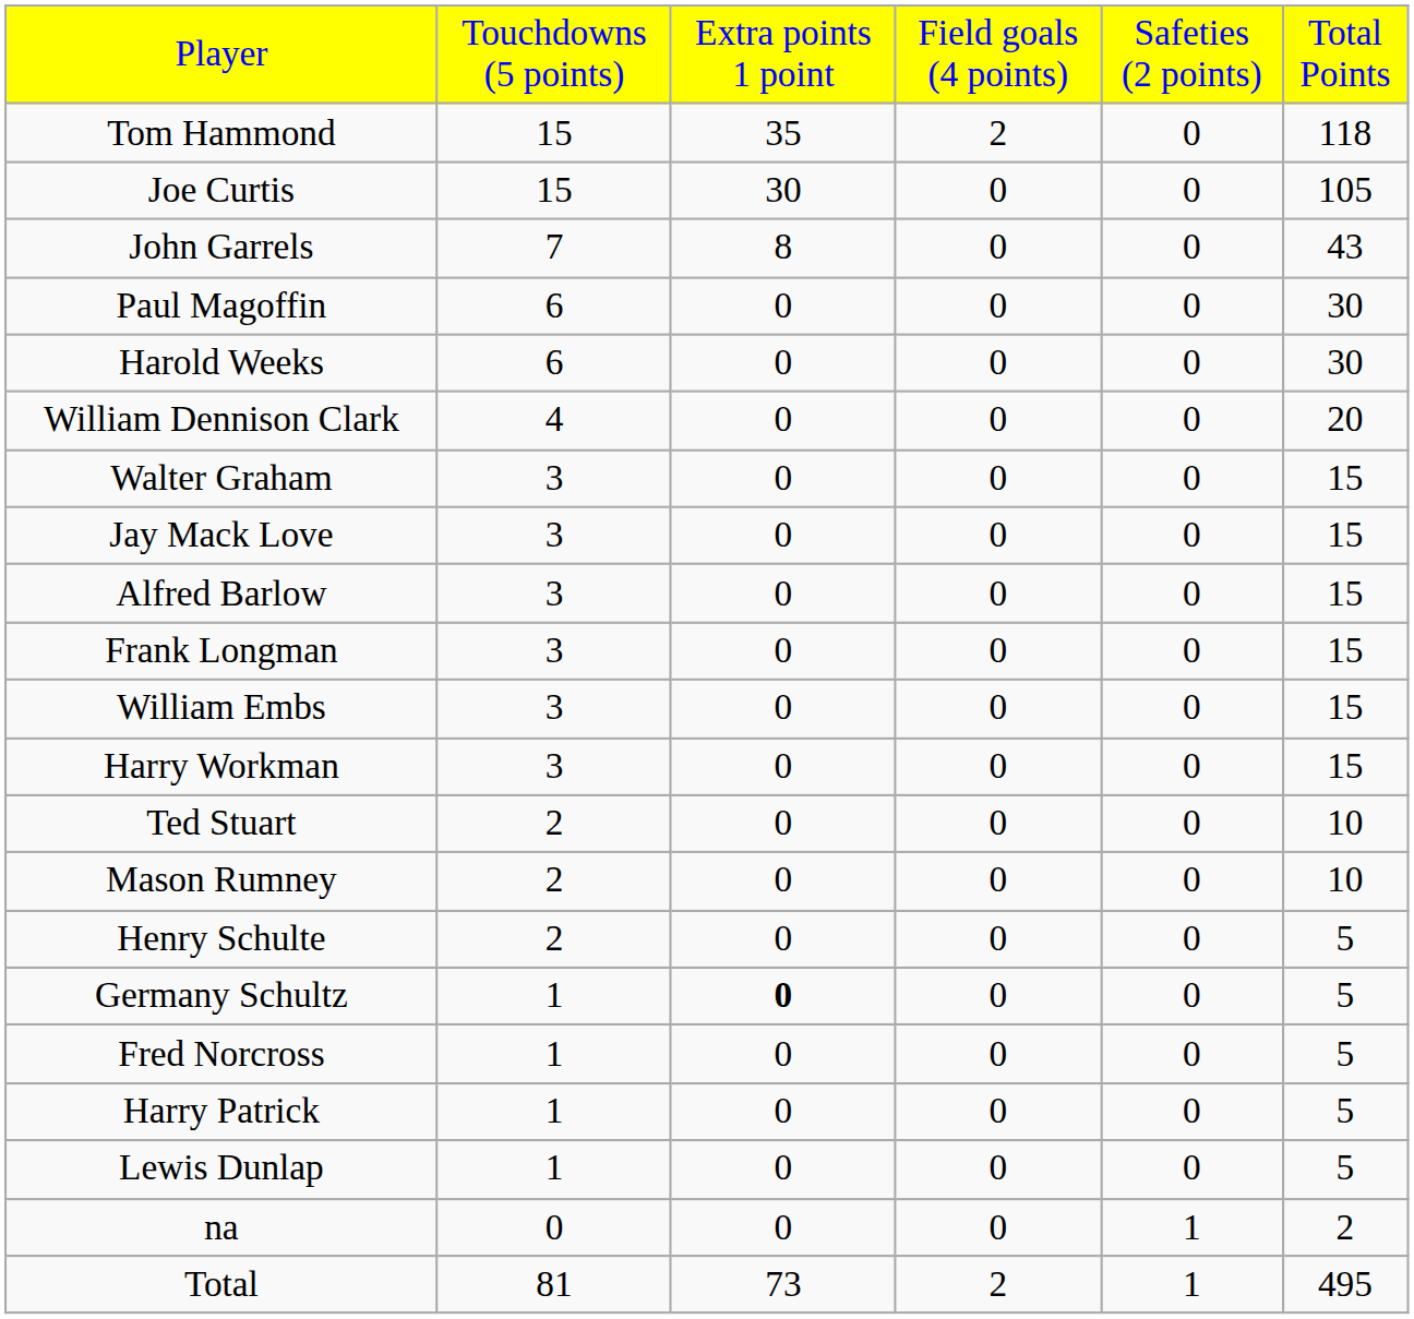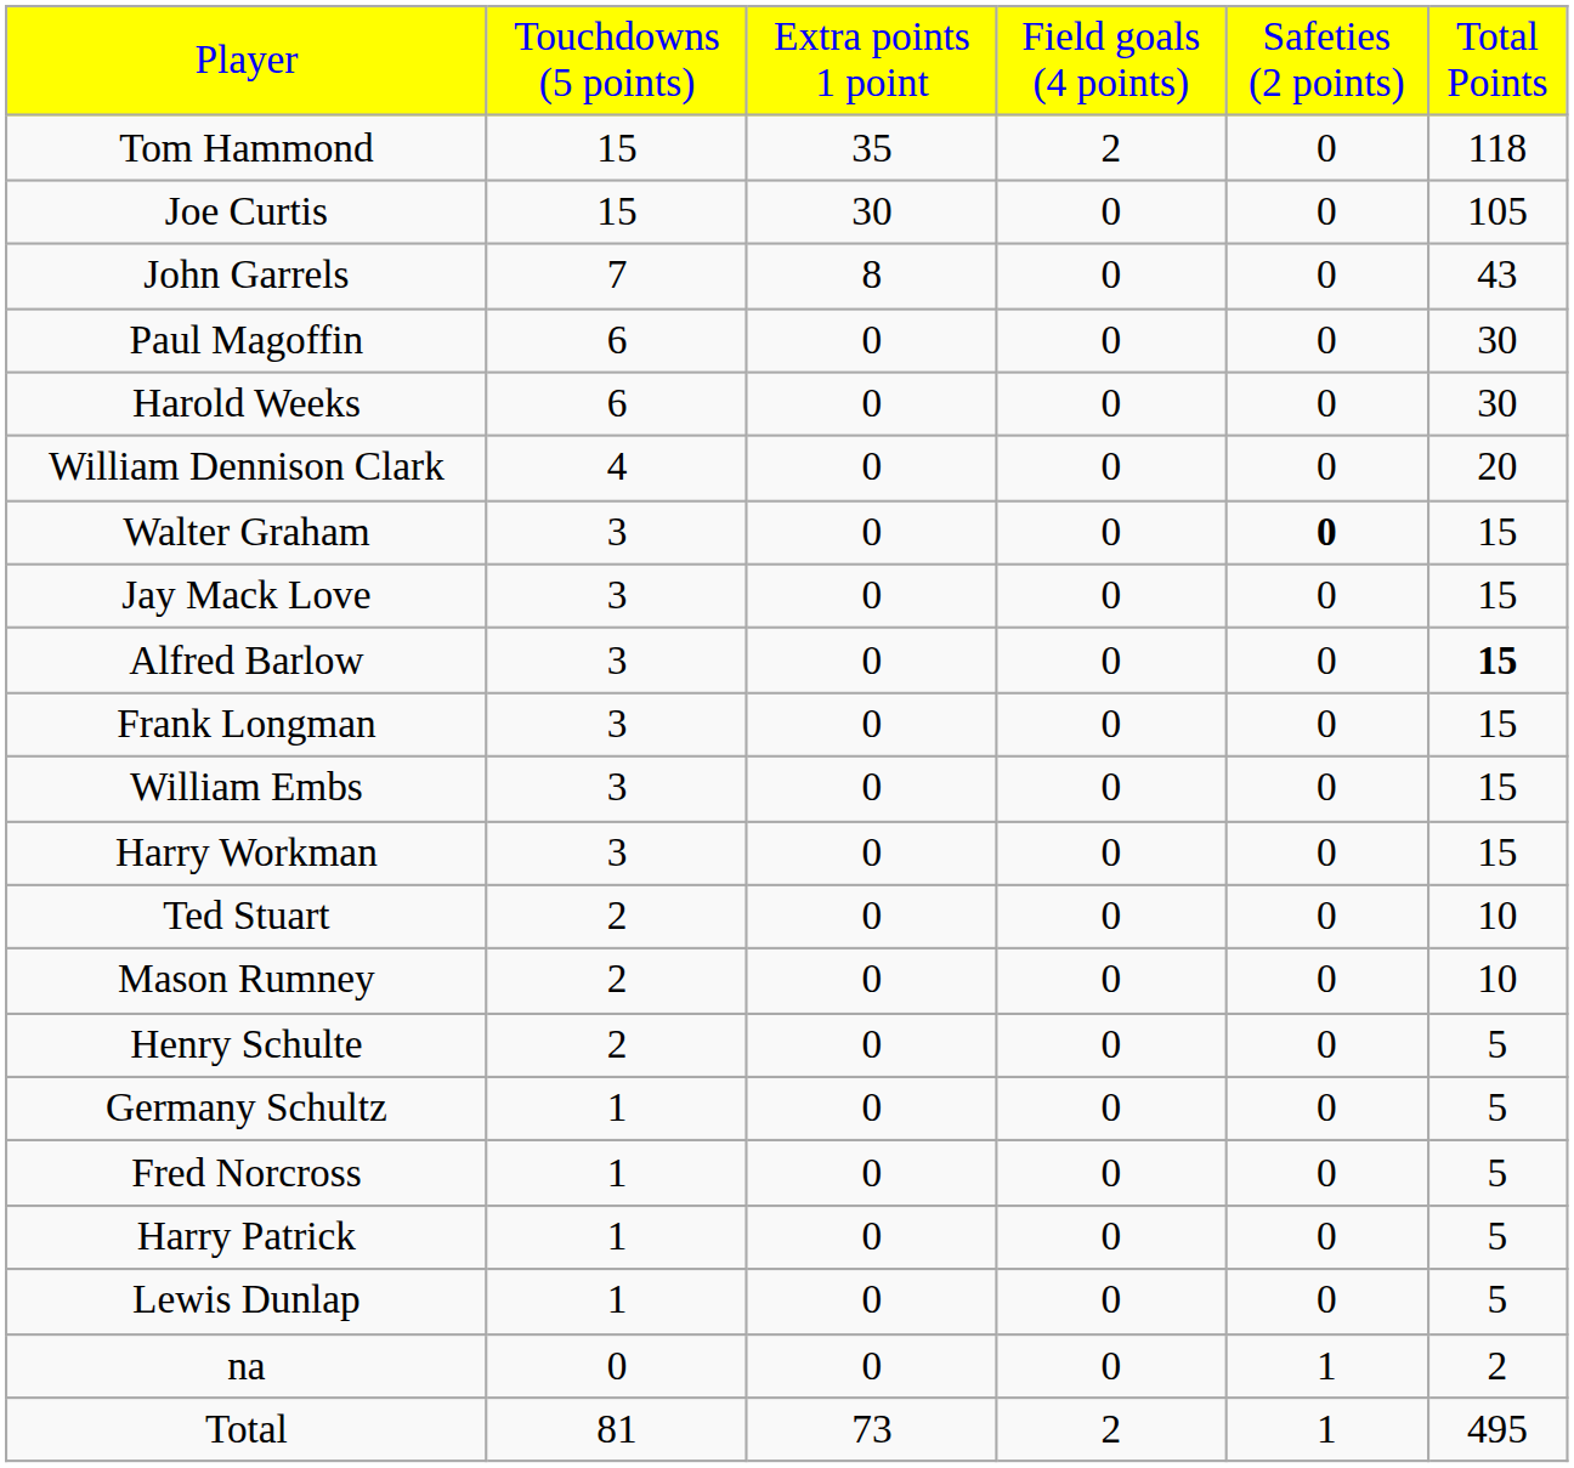 <table class="wikitable" width="70%">
 <tr align="center"  style="background:yellow;color:blue;">
 <td>Player</td>
 <td>Touchdowns<br>(5 points)</td>
 <td>Extra points<br>1 point</td>
 <td>Field goals<br>(4 points)</td>
 <td>Safeties<br>(2 points)</td>
 <td>Total<br>Points</td>
 </tr>
 <tr align="center" bgcolor="">
 <td>Tom Hammond</td>
 <td>15</td>
 <td>35</td>
 <td>2</td>
 <td>0</td>
 <td>118</td>
 </tr>
 <tr align="center" bgcolor="">
 <td>Joe Curtis</td>
 <td>15</td>
 <td>30</td>
 <td>0</td>
 <td>0</td>
 <td>105</td>
 </tr>
 <tr align="center" bgcolor="">
 <td>John Garrels</td>
 <td>7</td>
 <td>8</td>
 <td>0</td>
 <td>0</td>
 <td>43</td>
 </tr>
 <tr align="center" bgcolor="">
 <td>Paul Magoffin</td>
 <td>6</td>
 <td>0</td>
 <td>0</td>
 <td>0</td>
 <td>30</td>
 </tr>
 <tr align="center" bgcolor="">
 <td>Harold Weeks</td>
 <td>6</td>
 <td>0</td>
 <td>0</td>
 <td>0</td>
 <td>30</td>
 </tr>
 <tr align="center" bgcolor="">
 <td>William Dennison Clark</td>
 <td>4</td>
 <td>0</td>
 <td>0</td>
 <td>0</td>
 <td>20</td>
 </tr>
 <tr align="center" bgcolor="">
 <td>Walter Graham</td>
 <td>3</td>
 <td>0</td>
 <td>0</td>
-<td>0</td>
+<td><strong>0</strong></td>
 <td>15</td>
 </tr>
 <tr align="center" bgcolor="">
 <td>Jay Mack Love</td>
 <td>3</td>
 <td>0</td>
 <td>0</td>
 <td>0</td>
 <td>15</td>
 </tr>
 <tr align="center" bgcolor="">
 <td>Alfred Barlow</td>
 <td>3</td>
 <td>0</td>
 <td>0</td>
 <td>0</td>
-<td>15</td>
+<td><strong>15</strong></td>
 </tr>
 <tr align="center" bgcolor="">
 <td>Frank Longman</td>
 <td>3</td>
 <td>0</td>
 <td>0</td>
 <td>0</td>
 <td>15</td>
 </tr>
 <tr align="center" bgcolor="">
 <td>William Embs</td>
 <td>3</td>
 <td>0</td>
 <td>0</td>
 <td>0</td>
 <td>15</td>
 </tr>
 <tr align="center" bgcolor="">
 <td>Harry Workman</td>
 <td>3</td>
 <td>0</td>
 <td>0</td>
 <td>0</td>
 <td>15</td>
 </tr>
 <tr align="center" bgcolor="">
 <td>Ted Stuart</td>
 <td>2</td>
 <td>0</td>
 <td>0</td>
 <td>0</td>
 <td>10</td>
 </tr>
 <tr align="center" bgcolor="">
 <td>Mason Rumney</td>
 <td>2</td>
 <td>0</td>
 <td>0</td>
 <td>0</td>
 <td>10</td>
 </tr>
 <tr align="center" bgcolor="">
 <td>Henry Schulte</td>
 <td>2</td>
 <td>0</td>
 <td>0</td>
 <td>0</td>
 <td>5</td>
 </tr>
 <tr align="center" bgcolor="">
 <td>Germany Schultz</td>
 <td>1</td>
-<td><strong>0</strong></td>
+<td>0</td>
 <td>0</td>
 <td>0</td>
 <td>5</td>
 </tr>
 <tr align="center" bgcolor="">
 <td>Fred Norcross</td>
 <td>1</td>
 <td>0</td>
 <td>0</td>
 <td>0</td>
 <td>5</td>
 </tr>
 <tr align="center" bgcolor="">
 <td>Harry Patrick</td>
 <td>1</td>
 <td>0</td>
 <td>0</td>
 <td>0</td>
 <td>5</td>
 </tr>
 <tr align="center" bgcolor="">
 <td>Lewis Dunlap</td>
 <td>1</td>
 <td>0</td>
 <td>0</td>
 <td>0</td>
 <td>5</td>
 </tr>
 <tr align="center" bgcolor="">
 <td>na</td>
 <td>0</td>
 <td>0</td>
 <td>0</td>
 <td>1</td>
 <td>2</td>
 </tr>
 <tr align="center" bgcolor="">
 <td>Total</td>
 <td>81</td>
 <td>73</td>
 <td>2</td>
 <td>1</td>
 <td>495</td>
 </tr>
 </table>
